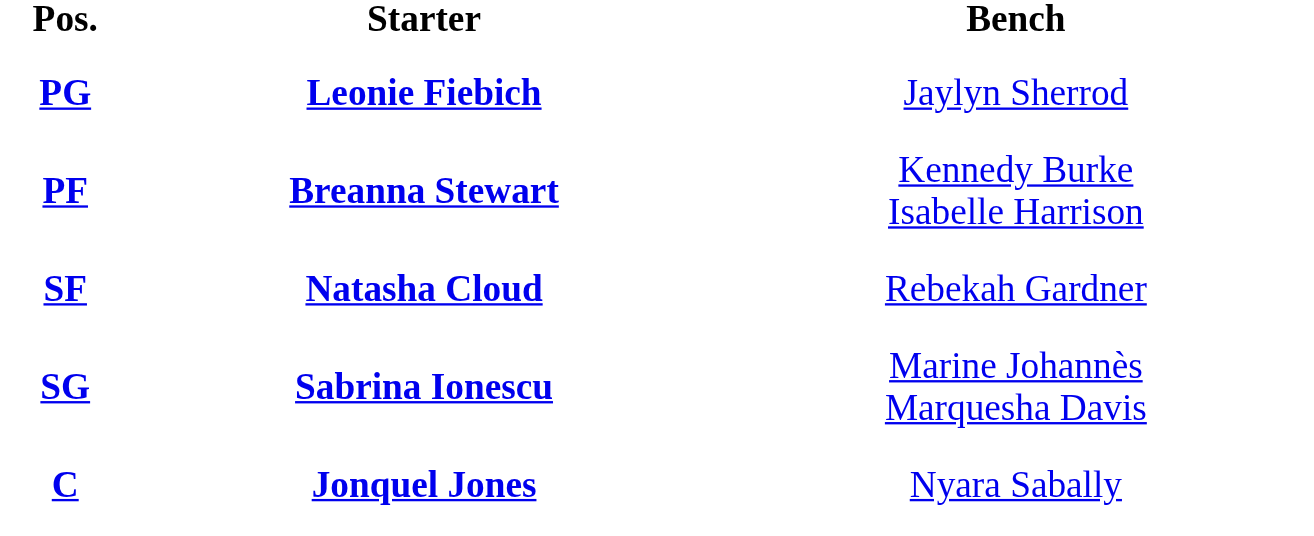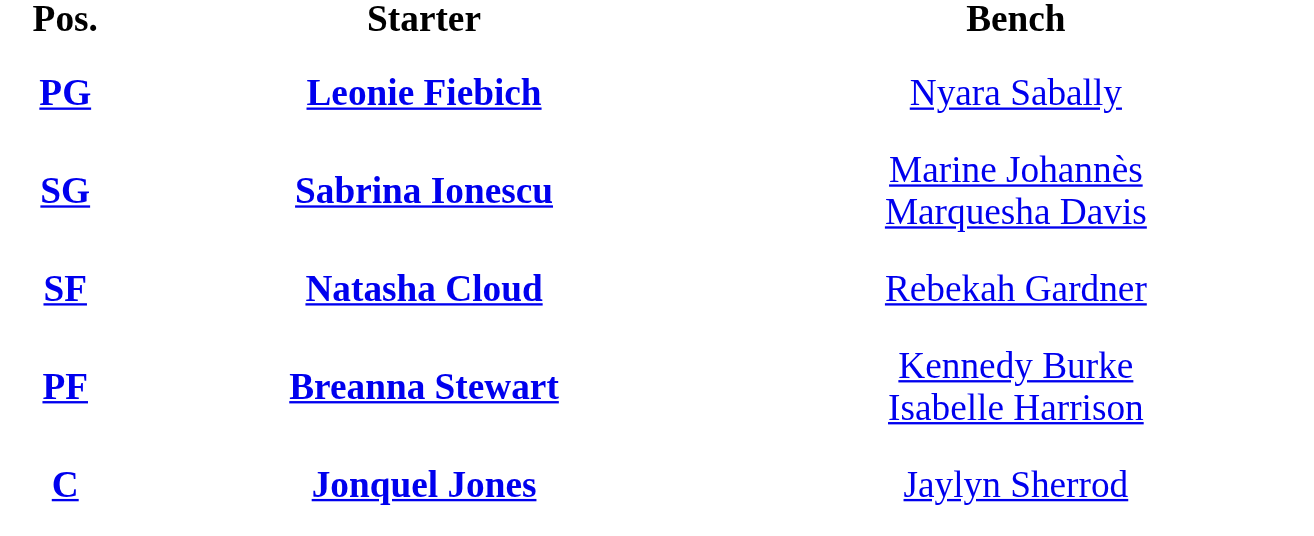 <table style="text-align:center; ">
 <tr>
 <th width="50">Pos.</th>
 <th width="250">Starter</th>
 <th width="250">Bench</th>
 </tr>
 <tr style="height:40px; background:white; color:#092C57">
 <th><a href='#'><span>PG</span></a></th>
 <td><strong><a href='#'>Leonie Fiebich</a></strong></td>
-<td><a href='#'>Jaylyn Sherrod</a></td>
+<td><a href='#'>Nyara Sabally</a></td>
+</tr>
+<tr style="height:40px; background:white; color:#092C57">
+<th><a href='#'><span>SG</span></a></th>
+<td><strong><a href='#'>Sabrina Ionescu</a></strong></td>
+<td><a href='#'>Marine Johannès</a><br><a href='#'>Marquesha Davis</a></td>
+</tr>
+<tr style="height:40px; background:white; color:#092C57">
+<th><a href='#'><span>SF</span></a></th>
+<td><strong><a href='#'>Natasha Cloud</a></strong></td>
+<td><a href='#'>Rebekah Gardner</a></td>
 </tr>
 <tr style="height:40px; background:white; color:#092C57">
 <th><a href='#'><span>PF</span></a></th>
 <td><strong><a href='#'>Breanna Stewart</a></strong></td>
 <td><a href='#'>Kennedy Burke</a><br><a href='#'>Isabelle Harrison</a></td>
 </tr>
 <tr style="height:40px; background:white; color:#092C57">
-<th><a href='#'><span>SF</span></a></th>
-<td><strong><a href='#'>Natasha Cloud</a></strong></td>
-<td><a href='#'>Rebekah Gardner</a></td>
-</tr>
-<tr style="height:40px; background:white; color:#092C57">
-<th><a href='#'><span>SG</span></a></th>
-<td><strong><a href='#'>Sabrina Ionescu</a></strong></td>
-<td><a href='#'>Marine Johannès</a><br><a href='#'>Marquesha Davis</a></td>
-</tr>
-<tr style="height:40px; background:white; color:#092C57">
 <th><a href='#'><span>C</span></a></th>
 <td><strong><a href='#'>Jonquel Jones</a></strong></td>
-<td><a href='#'>Nyara Sabally</a></td>
+<td><a href='#'>Jaylyn Sherrod</a></td>
 </tr>
 </table>
